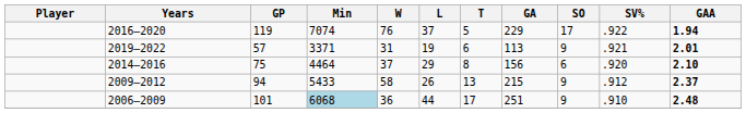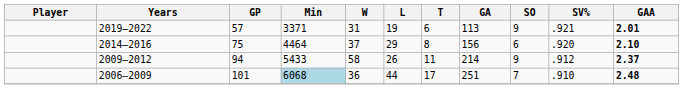 <table class="wikitable sortable" width = 900>
 <tr>
 <th>Player</th>
 <th>Years</th>
 <th>GP</th>
 <th>Min</th>
 <th>W</th>
 <th>L</th>
 <th>T</th>
 <th>GA</th>
 <th>SO</th>
 <th>SV%</th>
 <th>GAA</th>
-</tr>
-<tr>
-<td></td>
-<td>2016–2020</td>
-<td>119</td>
-<td>7074</td>
-<td>76</td>
-<td>37</td>
-<td>5</td>
-<td>229</td>
-<td>17</td>
-<td>.922</td>
-<td><strong>1.94</strong></td>
 </tr>
 <tr>
 <td></td>
 <td>2019–2022</td>
 <td>57</td>
 <td>3371</td>
 <td>31</td>
 <td>19</td>
 <td>6</td>
 <td>113</td>
 <td>9</td>
 <td>.921</td>
 <td><strong>2.01</strong></td>
 </tr>
 <tr>
 <td></td>
 <td>2014–2016</td>
 <td>75</td>
 <td>4464</td>
 <td>37</td>
 <td>29</td>
 <td>8</td>
 <td>156</td>
 <td>6</td>
 <td>.920</td>
 <td><strong>2.10</strong></td>
 </tr>
 <tr>
 <td></td>
 <td>2009–2012</td>
 <td>94</td>
 <td>5433</td>
 <td>58</td>
 <td>26</td>
-<td>13</td>
-<td>215</td>
+<td>11</td>
+<td>214</td>
 <td>9</td>
 <td>.912</td>
 <td><strong>2.37</strong></td>
 </tr>
 <tr>
 <td></td>
 <td>2006–2009</td>
 <td>101</td>
 <td style="background: lightblue;">6068</td>
 <td>36</td>
 <td>44</td>
 <td>17</td>
 <td>251</td>
-<td>9</td>
+<td>7</td>
 <td>.910</td>
 <td><strong>2.48</strong></td>
 </tr>
 <tr>
 </tr>
 </table>
